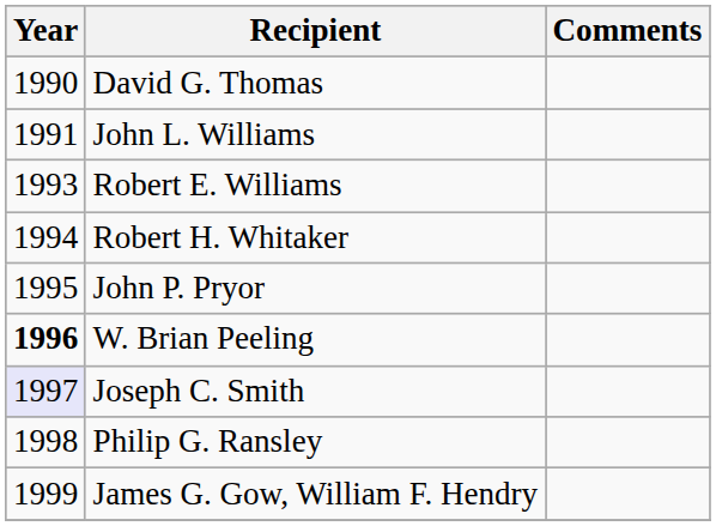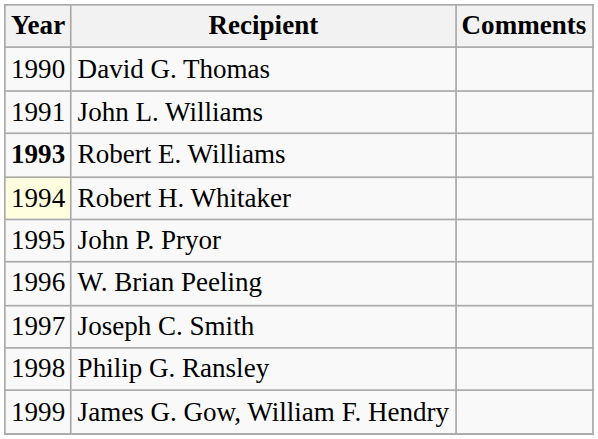 <table class="wikitable">
 <tr>
 <th>Year</th>
 <th>Recipient</th>
 <th>Comments</th>
 </tr>
 <tr>
 <td>1990</td>
 <td>David G. Thomas</td>
 <td></td>
 </tr>
 <tr>
 <td>1991</td>
 <td>John L. Williams</td>
 <td></td>
 </tr>
 <tr>
-<td>1993</td>
+<td><strong>1993</strong></td>
 <td>Robert E. Williams</td>
 <td></td>
 </tr>
 <tr>
-<td>1994</td>
+<td style="background: lightyellow;">1994</td>
 <td>Robert H. Whitaker</td>
 <td></td>
 </tr>
 <tr>
 <td>1995</td>
 <td>John P. Pryor</td>
 <td></td>
 </tr>
 <tr>
-<td><strong>1996</strong></td>
+<td>1996</td>
 <td>W. Brian Peeling</td>
 <td></td>
 </tr>
 <tr>
-<td style="background: lavender;">1997</td>
+<td>1997</td>
 <td>Joseph C. Smith</td>
 <td></td>
 </tr>
 <tr>
 <td>1998</td>
 <td>Philip G. Ransley</td>
 <td></td>
 </tr>
 <tr>
 <td>1999</td>
 <td>James G. Gow, William F. Hendry</td>
 <td></td>
 </tr>
 <tr>
 </tr>
 </table>
